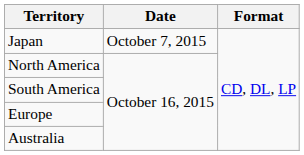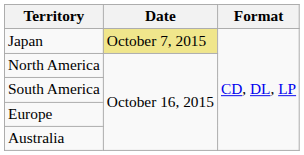 <table class="wikitable plainrowheaders" border="1">
 <tr>
 <th scope="col">Territory</th>
 <th scope="col">Date</th>
 <th scope="col">Format</th>
 </tr>
 <tr>
 <td>Japan</td>
-<td>October 7, 2015</td>
+<td style="background: khaki;">October 7, 2015</td>
 <td !scope="row" rowspan="5"><a href='#'>CD</a>, <a href='#'>DL</a>, <a href='#'>LP</a></td>
 </tr>
 <tr>
 <td>North America</td>
 <td !scope="row" rowspan="4">October 16, 2015</td>
 </tr>
 <tr>
 <td>South America</td>
 </tr>
 <tr>
 <td>Europe</td>
 </tr>
 <tr>
 <td>Australia</td>
 </tr>
 </table>
